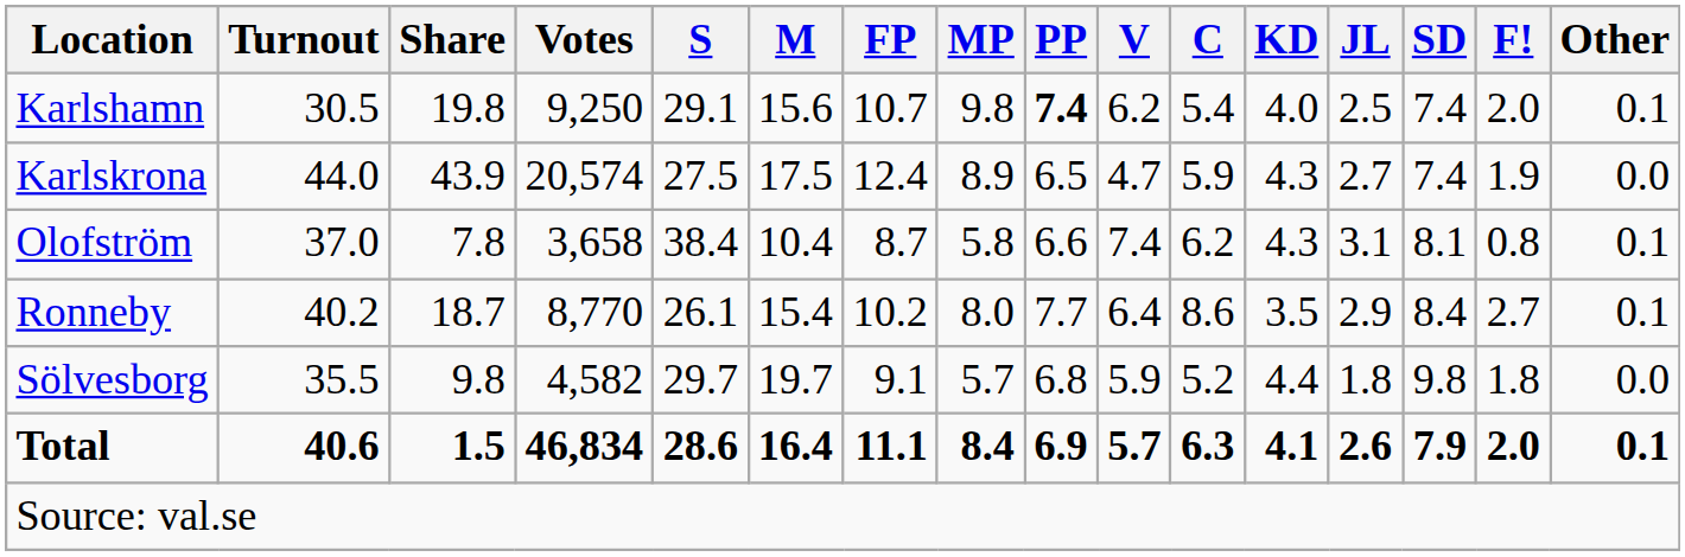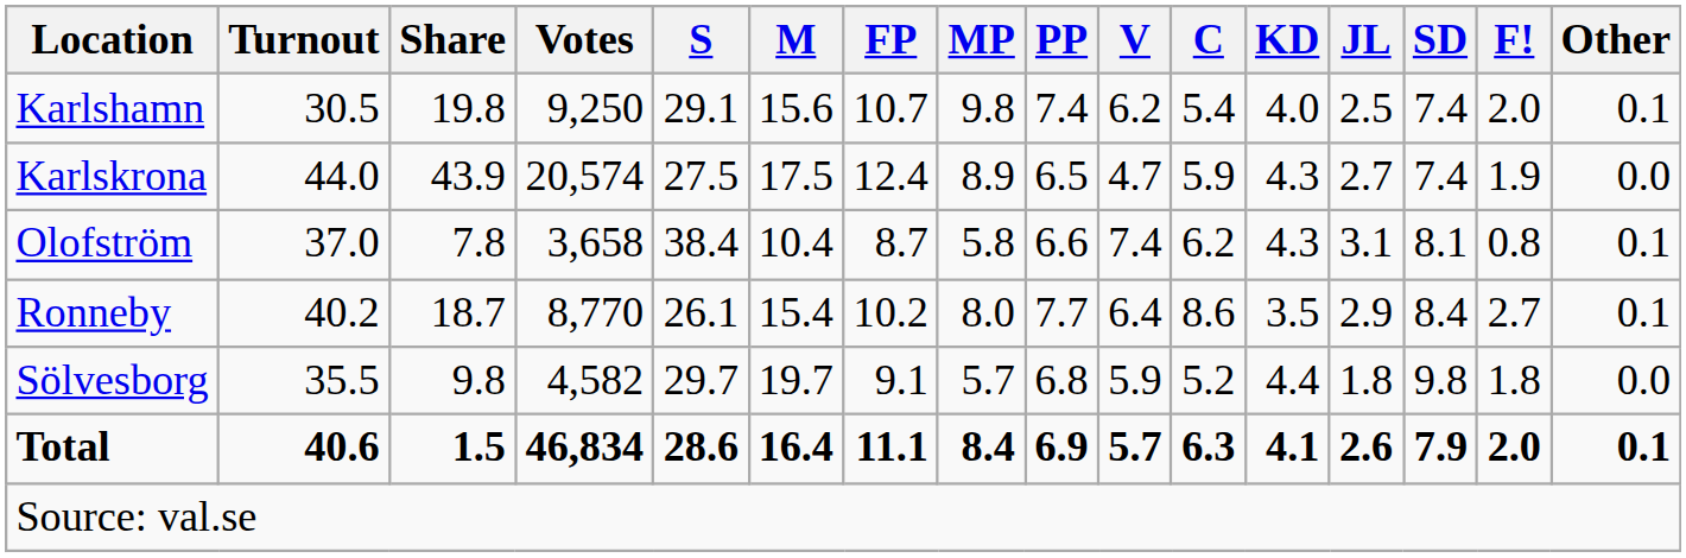 <table class="wikitable sortable" style=text-align:right>
 <tr>
 <th>Location</th>
 <th>Turnout</th>
 <th>Share</th>
 <th>Votes</th>
 <th><a href='#'>S</a></th>
 <th><a href='#'>M</a></th>
 <th><a href='#'>FP</a></th>
 <th><a href='#'>MP</a></th>
 <th><a href='#'>PP</a></th>
 <th><a href='#'>V</a></th>
 <th><a href='#'>C</a></th>
 <th><a href='#'>KD</a></th>
 <th><a href='#'>JL</a></th>
 <th><a href='#'>SD</a></th>
 <th><a href='#'>F!</a></th>
 <th>Other</th>
 </tr>
 <tr>
 <td align=left><a href='#'>Karlshamn</a></td>
 <td>30.5</td>
 <td>19.8</td>
 <td>9,250</td>
 <td>29.1</td>
 <td>15.6</td>
 <td>10.7</td>
 <td>9.8</td>
-<td><strong>7.4</strong></td>
+<td>7.4</td>
 <td>6.2</td>
 <td>5.4</td>
 <td>4.0</td>
 <td>2.5</td>
 <td>7.4</td>
 <td>2.0</td>
 <td>0.1</td>
 </tr>
 <tr>
 <td align=left><a href='#'>Karlskrona</a></td>
 <td>44.0</td>
 <td>43.9</td>
 <td>20,574</td>
 <td>27.5</td>
 <td>17.5</td>
 <td>12.4</td>
 <td>8.9</td>
 <td>6.5</td>
 <td>4.7</td>
 <td>5.9</td>
 <td>4.3</td>
 <td>2.7</td>
 <td>7.4</td>
 <td>1.9</td>
 <td>0.0</td>
 </tr>
 <tr>
 <td align=left><a href='#'>Olofström</a></td>
 <td>37.0</td>
 <td>7.8</td>
 <td>3,658</td>
 <td>38.4</td>
 <td>10.4</td>
 <td>8.7</td>
 <td>5.8</td>
 <td>6.6</td>
 <td>7.4</td>
 <td>6.2</td>
 <td>4.3</td>
 <td>3.1</td>
 <td>8.1</td>
 <td>0.8</td>
 <td>0.1</td>
 </tr>
 <tr>
 <td align=left><a href='#'>Ronneby</a></td>
 <td>40.2</td>
 <td>18.7</td>
 <td>8,770</td>
 <td>26.1</td>
 <td>15.4</td>
 <td>10.2</td>
 <td>8.0</td>
 <td>7.7</td>
 <td>6.4</td>
 <td>8.6</td>
 <td>3.5</td>
 <td>2.9</td>
 <td>8.4</td>
 <td>2.7</td>
 <td>0.1</td>
 </tr>
 <tr>
 <td align=left><a href='#'>Sölvesborg</a></td>
 <td>35.5</td>
 <td>9.8</td>
 <td>4,582</td>
 <td>29.7</td>
 <td>19.7</td>
 <td>9.1</td>
 <td>5.7</td>
 <td>6.8</td>
 <td>5.9</td>
 <td>5.2</td>
 <td>4.4</td>
 <td>1.8</td>
 <td>9.8</td>
 <td>1.8</td>
 <td>0.0</td>
 </tr>
 <tr>
 <td align=left><strong>Total</strong></td>
 <td><strong>40.6</strong></td>
 <td><strong>1.5</strong></td>
 <td><strong>46,834</strong></td>
 <td><strong>28.6</strong></td>
 <td><strong>16.4</strong></td>
 <td><strong>11.1</strong></td>
 <td><strong>8.4</strong></td>
 <td><strong>6.9</strong></td>
 <td><strong>5.7</strong></td>
 <td><strong>6.3</strong></td>
 <td><strong>4.1</strong></td>
 <td><strong>2.6</strong></td>
 <td><strong>7.9</strong></td>
 <td><strong>2.0</strong></td>
 <td><strong>0.1</strong></td>
 </tr>
 <tr>
 <td align=left colspan=16>Source: val.se </td>
 </tr>
 </table>
